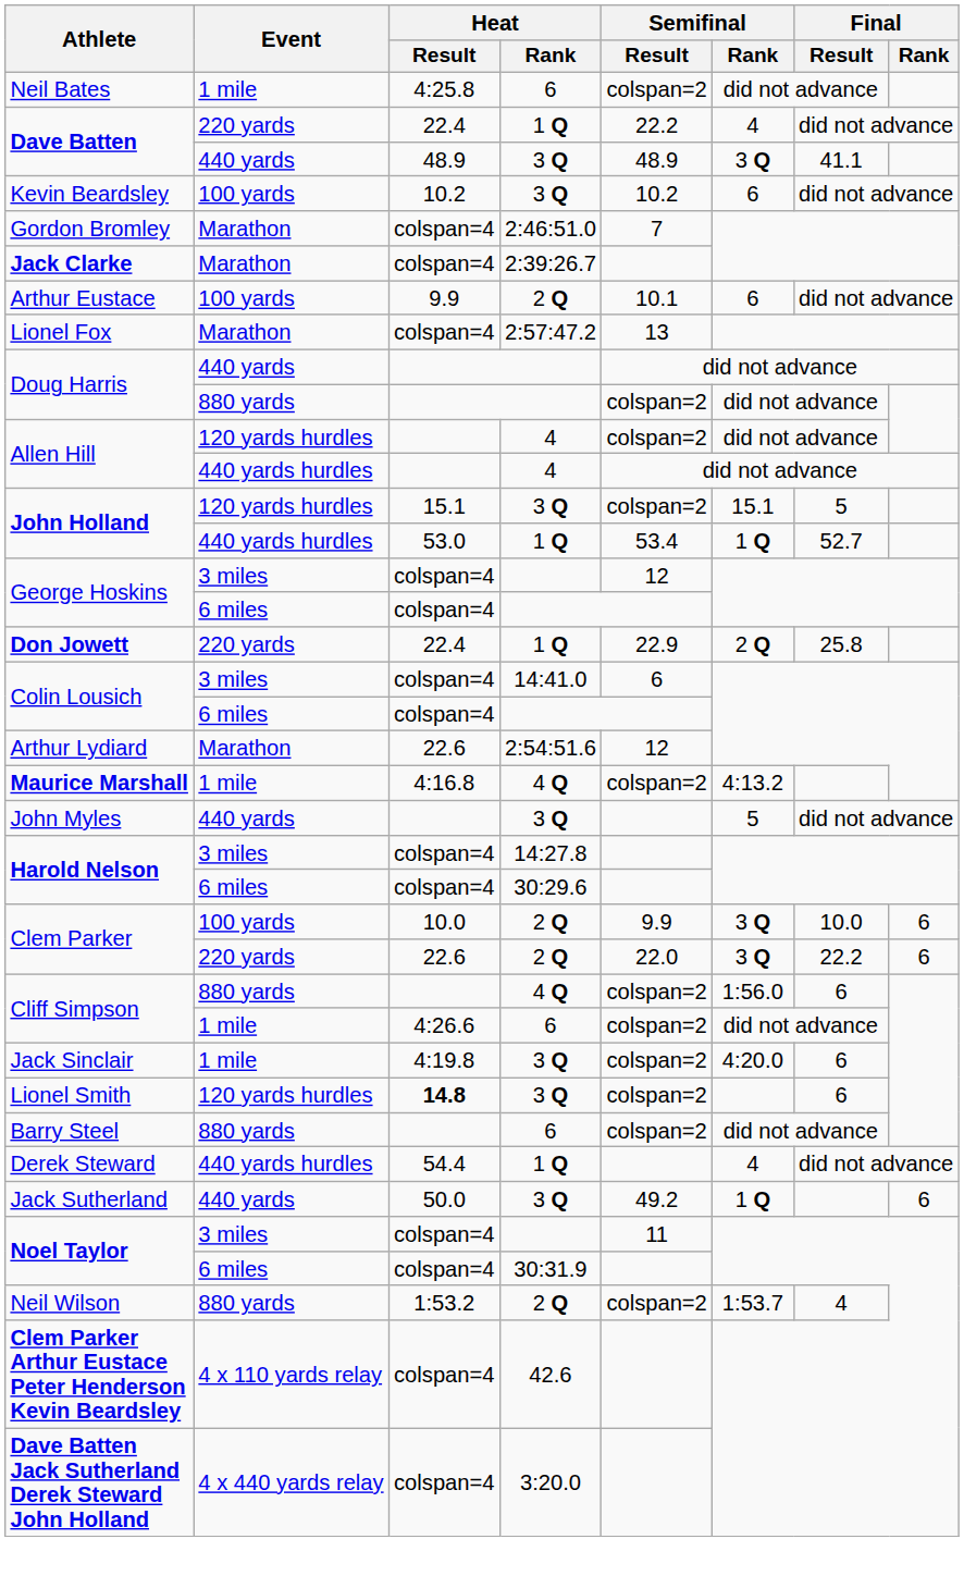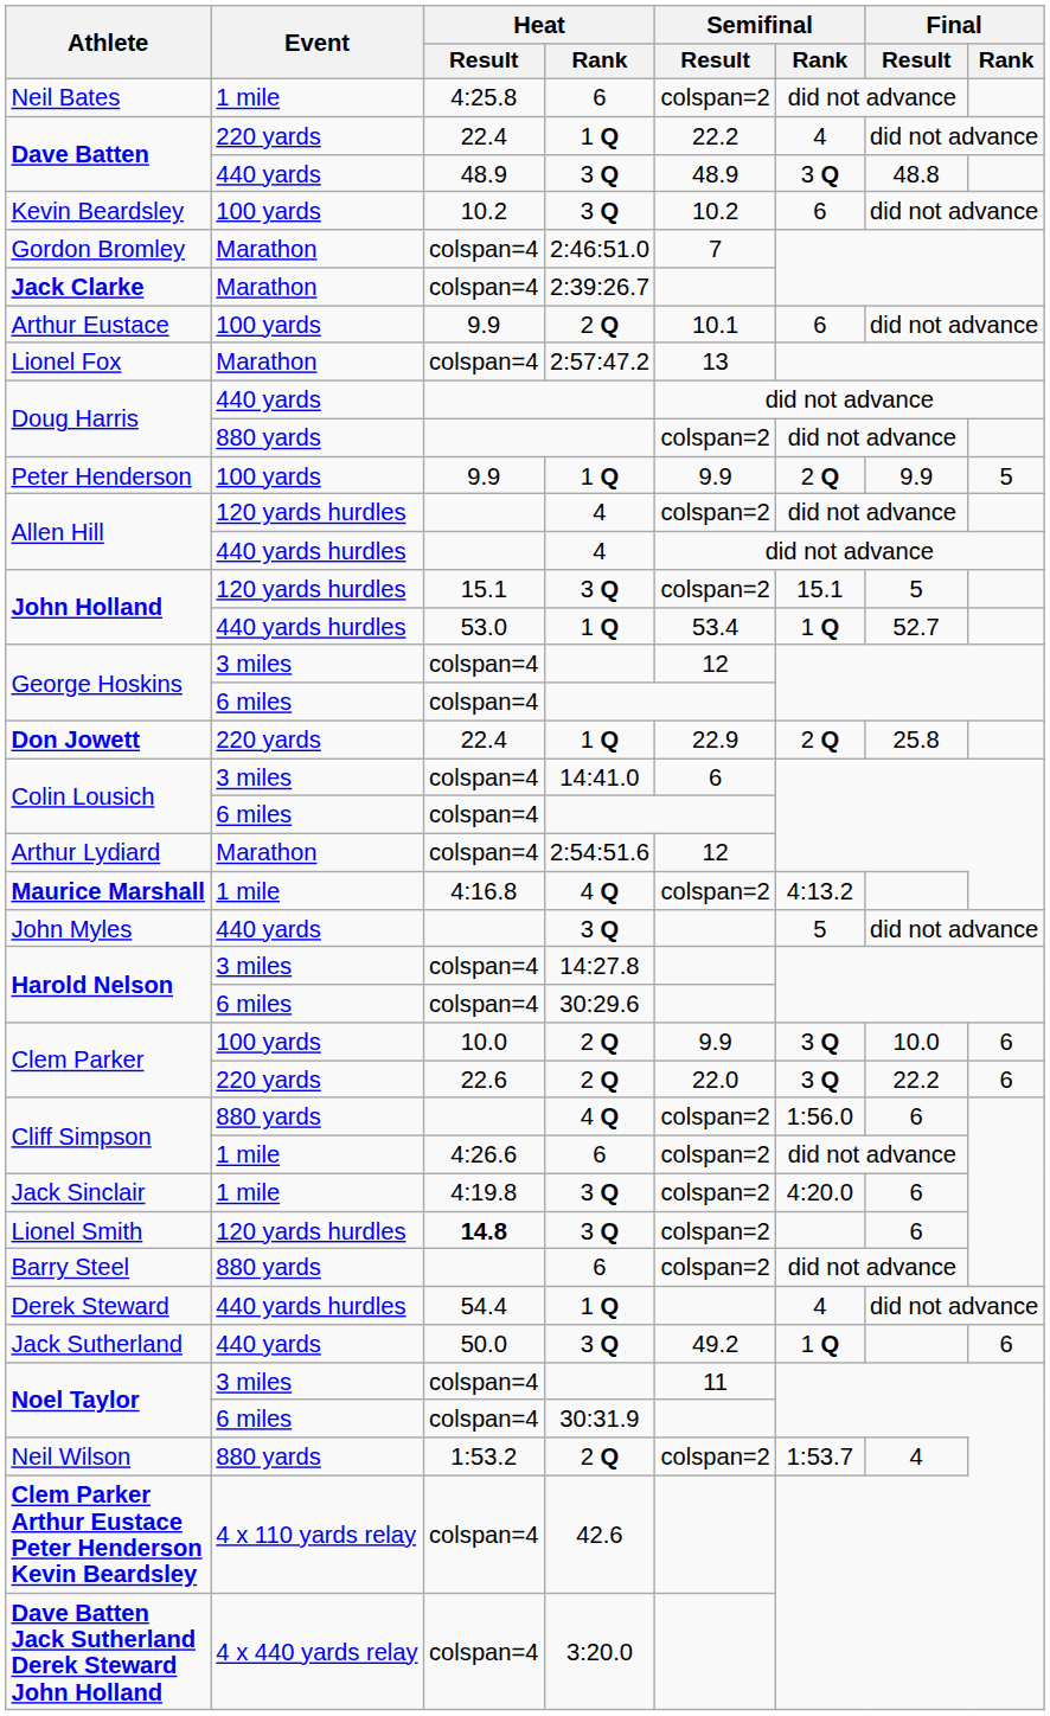 <table class=wikitable style=font-size:90%>
 <tr>
 <th rowspan=2>Athlete</th>
 <th rowspan=2>Event</th>
 <th colspan=2>Heat</th>
 <th colspan=2>Semifinal</th>
 <th colspan=2>Final</th>
 </tr>
 <tr style=font-size:95%>
 <th>Result</th>
 <th>Rank</th>
 <th>Result</th>
 <th>Rank</th>
 <th>Result</th>
 <th>Rank</th>
 </tr>
 <tr align=center>
 <td align=left><a href='#'>Neil Bates</a></td>
 <td align=left><a href='#'>1 mile</a></td>
 <td>4:25.8</td>
 <td>6</td>
 <td>colspan=2 </td>
 <td colspan=2>did not advance</td>
 </tr>
 <tr align=center>
 <td align=left rowspan=2><strong><a href='#'>Dave Batten</a></strong></td>
 <td align=left><a href='#'>220 yards</a></td>
 <td>22.4</td>
 <td>1 <strong>Q</strong></td>
 <td>22.2</td>
 <td>4</td>
 <td colspan=2>did not advance</td>
 </tr>
 <tr align=center>
 <td align=left><a href='#'>440 yards</a></td>
 <td>48.9</td>
 <td>3 <strong>Q</strong></td>
 <td>48.9</td>
 <td>3 <strong>Q</strong></td>
-<td>41.1</td>
+<td>48.8</td>
 <td></td>
 </tr>
 <tr align=center>
 <td align=left><a href='#'>Kevin Beardsley</a></td>
 <td align=left><a href='#'>100 yards</a></td>
 <td>10.2</td>
 <td>3 <strong>Q</strong></td>
 <td>10.2</td>
 <td>6</td>
 <td colspan=2>did not advance</td>
 </tr>
 <tr align=center>
 <td align=left><a href='#'>Gordon Bromley</a></td>
 <td align=left><a href='#'>Marathon</a></td>
 <td>colspan=4 </td>
 <td>2:46:51.0</td>
 <td>7</td>
 </tr>
 <tr align=center>
 <td align=left><strong><a href='#'>Jack Clarke</a></strong></td>
 <td align=left><a href='#'>Marathon</a></td>
 <td>colspan=4 </td>
 <td>2:39:26.7</td>
 <td></td>
 </tr>
 <tr align=center>
 <td align=left><a href='#'>Arthur Eustace</a></td>
 <td align=left><a href='#'>100 yards</a></td>
 <td>9.9</td>
 <td>2 <strong>Q</strong></td>
 <td>10.1</td>
 <td>6</td>
 <td colspan=2>did not advance</td>
 </tr>
 <tr align=center>
 <td align=left><a href='#'>Lionel Fox</a></td>
 <td align=left><a href='#'>Marathon</a></td>
 <td>colspan=4 </td>
 <td>2:57:47.2</td>
 <td>13</td>
 </tr>
 <tr align=center>
 <td align=left rowspan=2><a href='#'>Doug Harris</a></td>
 <td align=left><a href='#'>440 yards</a></td>
 <td colspan=2></td>
 <td colspan=4>did not advance</td>
 </tr>
 <tr align=center>
 <td align=left><a href='#'>880 yards</a></td>
 <td colspan=2></td>
 <td>colspan=2 </td>
 <td colspan=2>did not advance</td>
+</tr>
+<tr align=center>
+<td align=left><a href='#'>Peter Henderson</a></td>
+<td align=left><a href='#'>100 yards</a></td>
+<td>9.9</td>
+<td>1 <strong>Q</strong></td>
+<td>9.9</td>
+<td>2 <strong>Q</strong></td>
+<td>9.9</td>
+<td>5</td>
 </tr>
 <tr align=center>
 <td align=left rowspan=2><a href='#'>Allen Hill</a></td>
 <td align=left><a href='#'>120 yards hurdles</a></td>
 <td></td>
 <td>4</td>
 <td>colspan=2 </td>
 <td colspan=2>did not advance</td>
 </tr>
 <tr align=center>
 <td align=left><a href='#'>440 yards hurdles</a></td>
 <td></td>
 <td>4</td>
 <td colspan=4>did not advance</td>
 </tr>
 <tr align=center>
 <td align=left rowspan=2><strong><a href='#'>John Holland</a></strong></td>
 <td align=left><a href='#'>120 yards hurdles</a></td>
 <td>15.1</td>
 <td>3 <strong>Q</strong></td>
 <td>colspan=2 </td>
 <td>15.1</td>
 <td>5</td>
 </tr>
 <tr align=center>
 <td align=left><a href='#'>440 yards hurdles</a></td>
 <td>53.0</td>
 <td>1 <strong>Q</strong></td>
 <td>53.4</td>
 <td>1 <strong>Q</strong></td>
 <td>52.7</td>
 <td></td>
 </tr>
 <tr align=center>
 <td align=left rowspan=2><a href='#'>George Hoskins</a></td>
 <td align=left><a href='#'>3 miles</a></td>
 <td>colspan=4 </td>
 <td></td>
 <td>12</td>
 </tr>
 <tr align=center>
 <td align=left><a href='#'>6 miles</a></td>
 <td>colspan=4 </td>
 <td colspan=2></td>
 </tr>
 <tr align=center>
 <td align=left><strong><a href='#'>Don Jowett</a></strong></td>
 <td align=left><a href='#'>220 yards</a></td>
 <td>22.4</td>
 <td>1 <strong>Q</strong></td>
 <td>22.9</td>
 <td>2 <strong>Q</strong></td>
 <td>25.8</td>
 <td></td>
 </tr>
 <tr align=center>
 <td align=left rowspan=2><a href='#'>Colin Lousich</a></td>
 <td align=left><a href='#'>3 miles</a></td>
 <td>colspan=4 </td>
 <td>14:41.0</td>
 <td>6</td>
 </tr>
 <tr align=center>
 <td align=left><a href='#'>6 miles</a></td>
 <td>colspan=4 </td>
 <td colspan=2></td>
 </tr>
 <tr align=center>
 <td align=left><a href='#'>Arthur Lydiard</a></td>
 <td align=left><a href='#'>Marathon</a></td>
-<td>22.6</td>
+<td>colspan=4 </td>
 <td>2:54:51.6</td>
 <td>12</td>
 </tr>
 <tr align=center>
 <td align=left><strong><a href='#'>Maurice Marshall</a></strong></td>
 <td align=left><a href='#'>1 mile</a></td>
 <td>4:16.8</td>
 <td>4 <strong>Q</strong></td>
 <td>colspan=2 </td>
 <td>4:13.2</td>
 <td></td>
 </tr>
 <tr align=center>
 <td align=left><a href='#'>John Myles</a></td>
 <td align=left><a href='#'>440 yards</a></td>
 <td></td>
 <td>3 <strong>Q</strong></td>
 <td></td>
 <td>5</td>
 <td colspan=2>did not advance</td>
 </tr>
 <tr align=center>
 <td align=left rowspan=2><strong><a href='#'>Harold Nelson</a></strong></td>
 <td align=left><a href='#'>3 miles</a></td>
 <td>colspan=4 </td>
 <td>14:27.8</td>
 <td></td>
 </tr>
 <tr align=center>
 <td align=left><a href='#'>6 miles</a></td>
 <td>colspan=4 </td>
 <td>30:29.6</td>
 <td></td>
 </tr>
 <tr align=center>
 <td align=left rowspan=2><a href='#'>Clem Parker</a></td>
 <td align=left><a href='#'>100 yards</a></td>
 <td>10.0</td>
 <td>2 <strong>Q</strong></td>
 <td>9.9</td>
 <td>3 <strong>Q</strong></td>
 <td>10.0</td>
 <td>6</td>
 </tr>
 <tr align=center>
 <td align=left><a href='#'>220 yards</a></td>
 <td>22.6</td>
 <td>2 <strong>Q</strong></td>
 <td>22.0</td>
 <td>3 <strong>Q</strong></td>
 <td>22.2</td>
 <td>6</td>
 </tr>
 <tr align=center>
 <td align=left rowspan=2><a href='#'>Cliff Simpson</a></td>
 <td align=left><a href='#'>880 yards</a></td>
 <td></td>
 <td>4 <strong>Q</strong></td>
 <td>colspan=2 </td>
 <td>1:56.0</td>
 <td>6</td>
 </tr>
 <tr align=center>
 <td align=left><a href='#'>1 mile</a></td>
 <td>4:26.6</td>
 <td>6</td>
 <td>colspan=2 </td>
 <td colspan=2>did not advance</td>
 </tr>
 <tr align=center>
 <td align=left><a href='#'>Jack Sinclair</a></td>
 <td align=left><a href='#'>1 mile</a></td>
 <td>4:19.8</td>
 <td>3 <strong>Q</strong></td>
 <td>colspan=2 </td>
 <td>4:20.0</td>
 <td>6</td>
 </tr>
 <tr align=center>
 <td align=left><a href='#'>Lionel Smith</a></td>
 <td align=left><a href='#'>120 yards hurdles</a></td>
 <td><strong>14.8</strong></td>
 <td>3 <strong>Q</strong></td>
 <td>colspan=2 </td>
 <td></td>
 <td>6</td>
 </tr>
 <tr align=center>
 <td align=left><a href='#'>Barry Steel</a></td>
 <td align=left><a href='#'>880 yards</a></td>
 <td></td>
 <td>6</td>
 <td>colspan=2 </td>
 <td colspan=2>did not advance</td>
 </tr>
 <tr align=center>
 <td align=left><a href='#'>Derek Steward</a></td>
 <td align=left><a href='#'>440 yards hurdles</a></td>
 <td>54.4</td>
 <td>1 <strong>Q</strong></td>
 <td></td>
 <td>4</td>
 <td colspan=2>did not advance</td>
 </tr>
 <tr align=center>
 <td align=left><a href='#'>Jack Sutherland</a></td>
 <td align=left><a href='#'>440 yards</a></td>
 <td>50.0</td>
 <td>3 <strong>Q</strong></td>
 <td>49.2</td>
 <td>1 <strong>Q</strong></td>
 <td></td>
 <td>6</td>
 </tr>
 <tr align=center>
 <td align=left rowspan=2><strong><a href='#'>Noel Taylor</a></strong></td>
 <td align=left><a href='#'>3 miles</a></td>
 <td>colspan=4 </td>
 <td></td>
 <td>11</td>
 </tr>
 <tr align=center>
 <td align=left><a href='#'>6 miles</a></td>
 <td>colspan=4 </td>
 <td>30:31.9</td>
 <td></td>
 </tr>
 <tr align=center>
 <td align=left><a href='#'>Neil Wilson</a></td>
 <td align=left><a href='#'>880 yards</a></td>
 <td>1:53.2</td>
 <td>2 <strong>Q</strong></td>
 <td>colspan=2 </td>
 <td>1:53.7</td>
 <td>4</td>
 </tr>
 <tr align=center>
 <td align=left><strong><a href='#'>Clem Parker</a><br><a href='#'>Arthur Eustace</a><br><a href='#'>Peter Henderson</a><br><a href='#'>Kevin Beardsley</a></strong></td>
 <td align=left><a href='#'>4 x 110 yards relay</a></td>
 <td>colspan=4 </td>
 <td>42.6</td>
 <td></td>
 </tr>
 <tr align=center>
 <td align=left><strong><a href='#'>Dave Batten</a><br><a href='#'>Jack Sutherland</a><br><a href='#'>Derek Steward</a><br><a href='#'>John Holland</a></strong></td>
 <td align=left><a href='#'>4 x 440 yards relay</a></td>
 <td>colspan=4 </td>
 <td>3:20.0</td>
 <td></td>
 </tr>
 </table>
